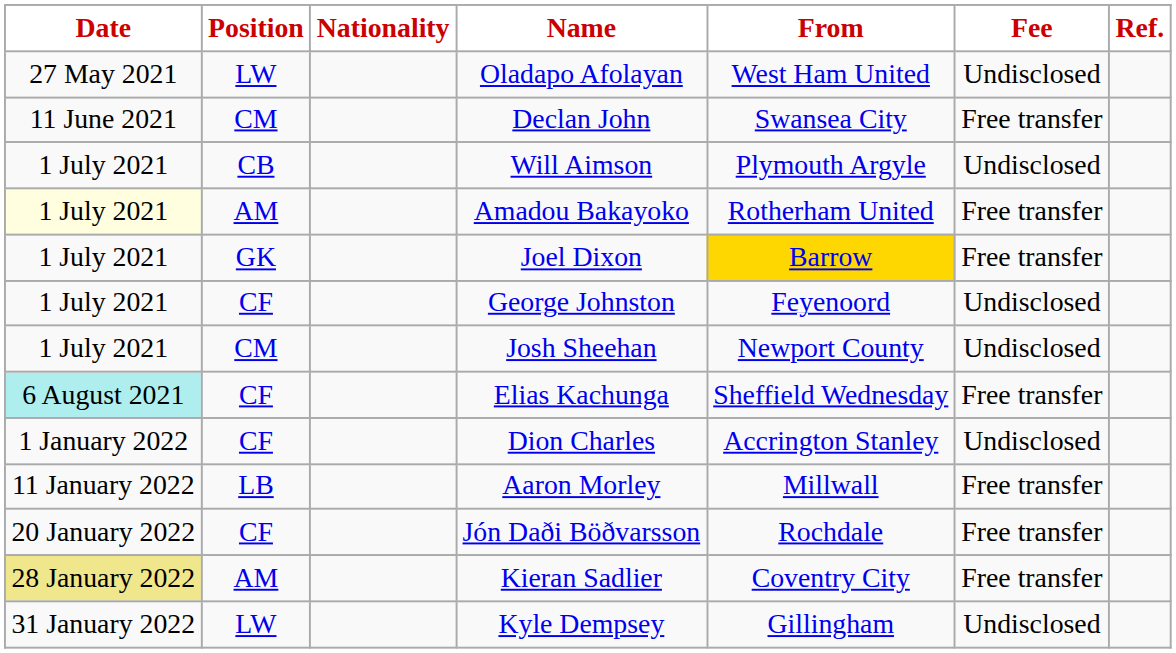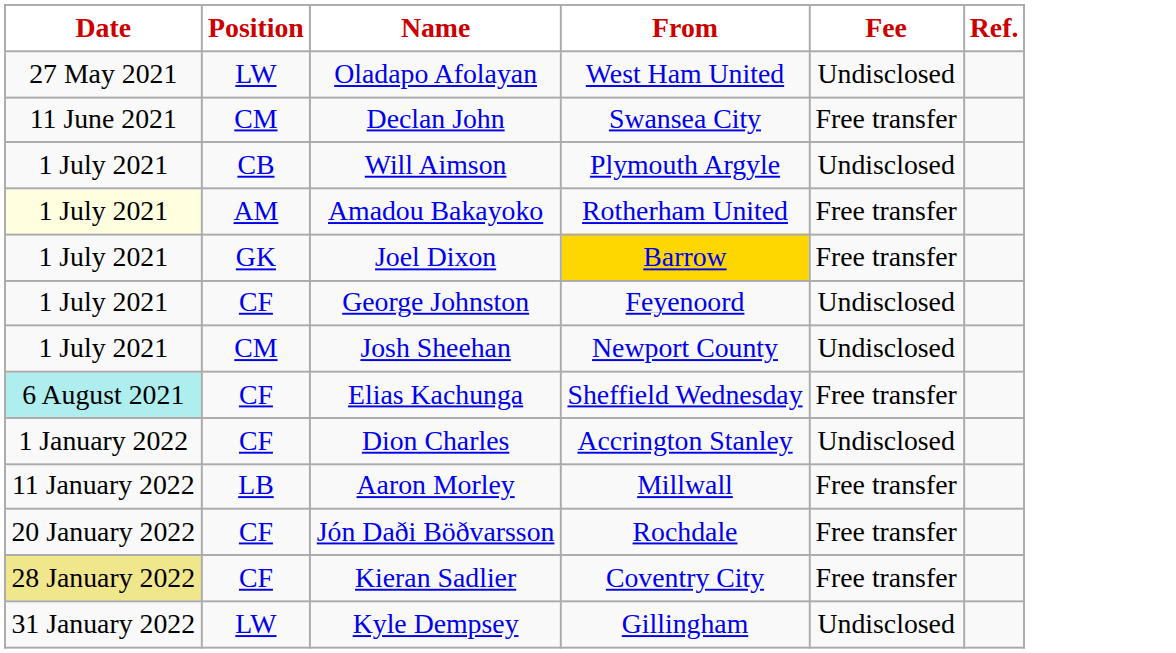 <table class="wikitable"  style="text-align:center; font-size:90%; ">
 <tr>
 <th style="background:#ffffff;color:#cc0000;">Date</th>
 <th style="background:#ffffff;color:#cc0000;">Position</th>
-<th style="background:#ffffff;color:#cc0000;">Nationality</th>
 <th style="background:#ffffff;color:#cc0000;">Name</th>
 <th style="background:#ffffff;color:#cc0000;">From</th>
 <th style="background:#ffffff;color:#cc0000;">Fee</th>
 <th style="background:#ffffff;color:#cc0000;">Ref.</th>
 </tr>
 <tr>
 <td>27 May 2021</td>
 <td><a href='#'>LW</a></td>
-<td></td>
 <td><a href='#'>Oladapo Afolayan</a></td>
 <td> <a href='#'>West Ham United</a></td>
 <td>Undisclosed</td>
 <td></td>
 </tr>
 <tr>
 <td>11 June 2021</td>
 <td><a href='#'>CM</a></td>
-<td></td>
 <td><a href='#'>Declan John</a></td>
 <td> <a href='#'>Swansea City</a></td>
 <td>Free transfer</td>
 <td></td>
 </tr>
 <tr>
 <td>1 July 2021</td>
 <td><a href='#'>CB</a></td>
-<td></td>
 <td><a href='#'>Will Aimson</a></td>
 <td> <a href='#'>Plymouth Argyle</a></td>
 <td>Undisclosed</td>
 <td></td>
 </tr>
 <tr>
 <td style="background: lightyellow;">1 July 2021</td>
 <td><a href='#'>AM</a></td>
-<td></td>
 <td><a href='#'>Amadou Bakayoko</a></td>
 <td> <a href='#'>Rotherham United</a></td>
 <td>Free transfer</td>
 <td></td>
 </tr>
 <tr>
 <td>1 July 2021</td>
 <td><a href='#'>GK</a></td>
-<td></td>
 <td><a href='#'>Joel Dixon</a></td>
 <td style="background: gold;"> <a href='#'>Barrow</a></td>
 <td>Free transfer</td>
 <td></td>
 </tr>
 <tr>
 <td>1 July 2021</td>
 <td><a href='#'>CF</a></td>
-<td></td>
 <td><a href='#'>George Johnston</a></td>
 <td> <a href='#'>Feyenoord</a></td>
 <td>Undisclosed</td>
 <td></td>
 </tr>
 <tr>
 <td>1 July 2021</td>
 <td><a href='#'>CM</a></td>
-<td></td>
 <td><a href='#'>Josh Sheehan</a></td>
 <td> <a href='#'>Newport County</a></td>
 <td>Undisclosed</td>
 <td></td>
 </tr>
 <tr>
 <td style="background: paleturquoise;">6 August 2021</td>
 <td><a href='#'>CF</a></td>
-<td></td>
 <td><a href='#'>Elias Kachunga</a></td>
 <td> <a href='#'>Sheffield Wednesday</a></td>
 <td>Free transfer</td>
 <td></td>
 </tr>
 <tr>
 <td>1 January 2022</td>
 <td><a href='#'>CF</a></td>
-<td></td>
 <td><a href='#'>Dion Charles</a></td>
 <td> <a href='#'>Accrington Stanley</a></td>
 <td>Undisclosed</td>
 <td></td>
 </tr>
 <tr>
 <td>11 January 2022</td>
 <td><a href='#'>LB</a></td>
-<td></td>
 <td><a href='#'>Aaron Morley</a></td>
 <td> <a href='#'>Millwall</a></td>
 <td>Free transfer</td>
 <td></td>
 </tr>
 <tr>
 <td>20 January 2022</td>
 <td><a href='#'>CF</a></td>
-<td></td>
 <td><a href='#'>Jón Daði Böðvarsson</a></td>
 <td> <a href='#'>Rochdale</a></td>
 <td>Free transfer</td>
 <td></td>
 </tr>
 <tr>
 <td style="background: khaki;">28 January 2022</td>
-<td><a href='#'>AM</a></td>
-<td></td>
+<td><a href='#'>CF</a></td>
 <td><a href='#'>Kieran Sadlier</a></td>
 <td> <a href='#'>Coventry City</a></td>
 <td>Free transfer</td>
 <td></td>
 </tr>
 <tr>
 <td>31 January 2022</td>
 <td><a href='#'>LW</a></td>
-<td></td>
 <td><a href='#'>Kyle Dempsey</a></td>
 <td> <a href='#'>Gillingham</a></td>
 <td>Undisclosed</td>
 <td></td>
 </tr>
 </table>
